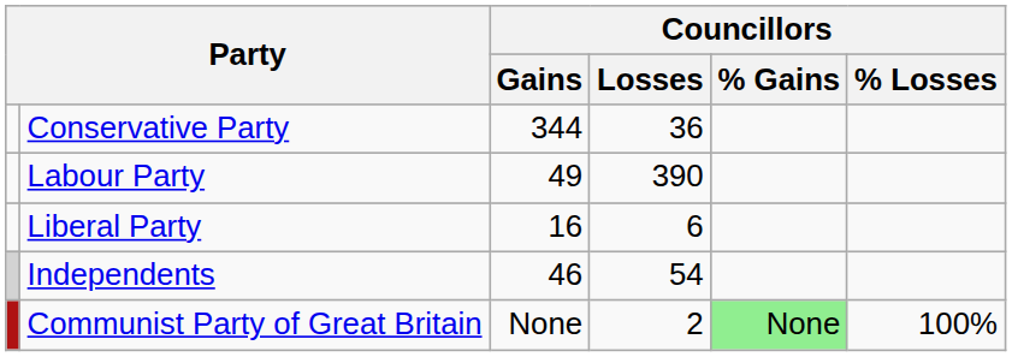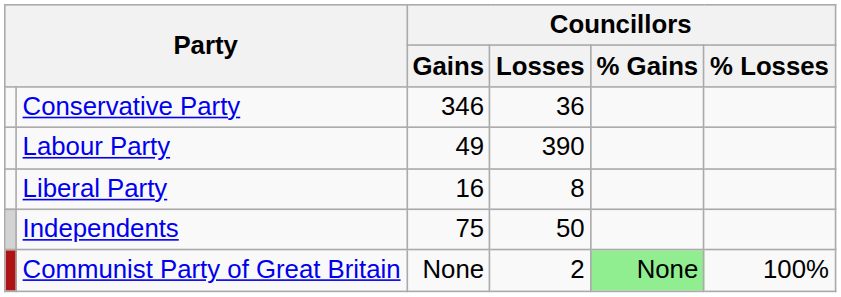 <table class="wikitable" border="1">
 <tr border="1" cellspacing="0" cellpadding="5">
 <th colspan="2" rowspan="2" align="center">Party</th>
 <th colspan="4" valign="top">Councillors</th>
 </tr>
 <tr>
 <th valign="top">Gains</th>
 <th valign="top">Losses</th>
 <th valign="top">% Gains</th>
 <th valign="top">% Losses</th>
 </tr>
 <tr>
 <td style="color:inherit;background:"></td>
 <td><a href='#'>Conservative Party</a></td>
-<td align="right">344</td>
+<td align="right">346</td>
 <td align="right">36</td>
 <td align="right"></td>
 <td align="right"></td>
 </tr>
 <tr>
 <td style="color:inherit;background:"></td>
 <td><a href='#'>Labour Party</a></td>
 <td align="right">49</td>
 <td align="right">390</td>
 <td align="right"></td>
 <td align="right"></td>
 </tr>
 <tr>
 <td style="color:inherit;background:"></td>
 <td><a href='#'>Liberal Party</a></td>
 <td align="right">16</td>
-<td align="right">6</td>
+<td align="right">8</td>
 <td align="right"></td>
 <td align="right"></td>
 </tr>
 <tr>
 <td style="color:inherit;background:#d3d3d3"></td>
 <td><a href='#'>Independents</a></td>
-<td align="right">46</td>
-<td align="right">54</td>
+<td align="right">75</td>
+<td align="right">50</td>
 <td align="right"></td>
 <td align="right"></td>
 </tr>
 <tr>
 <td style="color:inherit;background:#af1213"></td>
 <td><a href='#'>Communist Party of Great Britain</a></td>
 <td align="right">None</td>
 <td align="right">2</td>
 <td align="right" style="background: lightgreen;">None</td>
 <td align="right">100%</td>
 </tr>
 </table>
